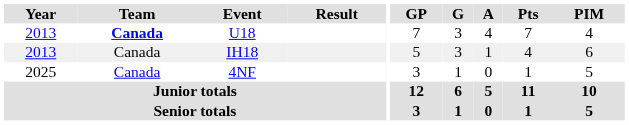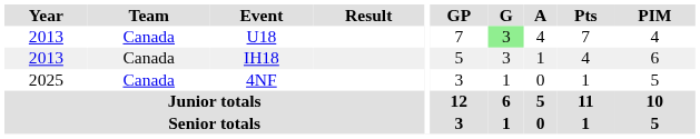 <table border="0" cellpadding="1" cellspacing="0" ID="Table3" style="text-align:center; width:40em;">
 <tr bgcolor="#e0e0e0">
 <th>Year</th>
 <th>Team</th>
 <th>Event</th>
 <th>Result</th>
 <th rowspan="99" bgcolor="#ffffff"></th>
 <th>GP</th>
 <th>G</th>
 <th>A</th>
 <th>Pts</th>
 <th>PIM</th>
 </tr>
 <tr>
 <td><a href='#'>2013</a></td>
-<td><strong><a href='#'>Canada</a></strong></td>
+<td><a href='#'>Canada</a></td>
 <td><a href='#'>U18</a></td>
 <td></td>
 <td>7</td>
-<td>3</td>
+<td style="background: lightgreen;">3</td>
 <td>4</td>
 <td>7</td>
 <td>4</td>
 </tr>
 <tr bgcolor="#f0f0f0">
 <td><a href='#'>2013</a></td>
 <td>Canada</td>
 <td><a href='#'>IH18</a></td>
 <td></td>
 <td>5</td>
 <td>3</td>
 <td>1</td>
 <td>4</td>
 <td>6</td>
 </tr>
 <tr>
 <td>2025</td>
 <td><a href='#'>Canada</a></td>
 <td><a href='#'>4NF</a></td>
 <td></td>
 <td>3</td>
 <td>1</td>
 <td>0</td>
 <td>1</td>
 <td>5</td>
 </tr>
 <tr bgcolor="#e0e0e0">
 <th colspan="4">Junior totals</th>
 <th>12</th>
 <th>6</th>
 <th>5</th>
 <th>11</th>
 <th>10</th>
 </tr>
 <tr bgcolor="#e0e0e0">
 <th colspan="4">Senior totals</th>
 <th>3</th>
 <th>1</th>
 <th>0</th>
 <th>1</th>
 <th>5</th>
 </tr>
 </table>
